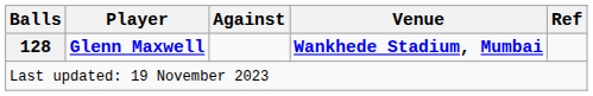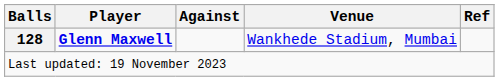 <table class="wikitable sortable">
 <tr>
 <th>Balls</th>
 <th>Player</th>
 <th>Against</th>
 <th>Venue</th>
 <th>Ref</th>
 </tr>
 <tr>
 <th>128</th>
 <td><strong> <a href='#'>Glenn Maxwell</a></strong></td>
 <td></td>
-<td><strong><a href='#'>Wankhede Stadium</a>, <a href='#'>Mumbai</a></strong></td>
+<td><a href='#'>Wankhede Stadium</a>, <a href='#'>Mumbai</a></td>
 <td></td>
 </tr>
 <tr>
 <td colspan="6"><small>Last updated: 19 November 2023</small></td>
 </tr>
 </table>
